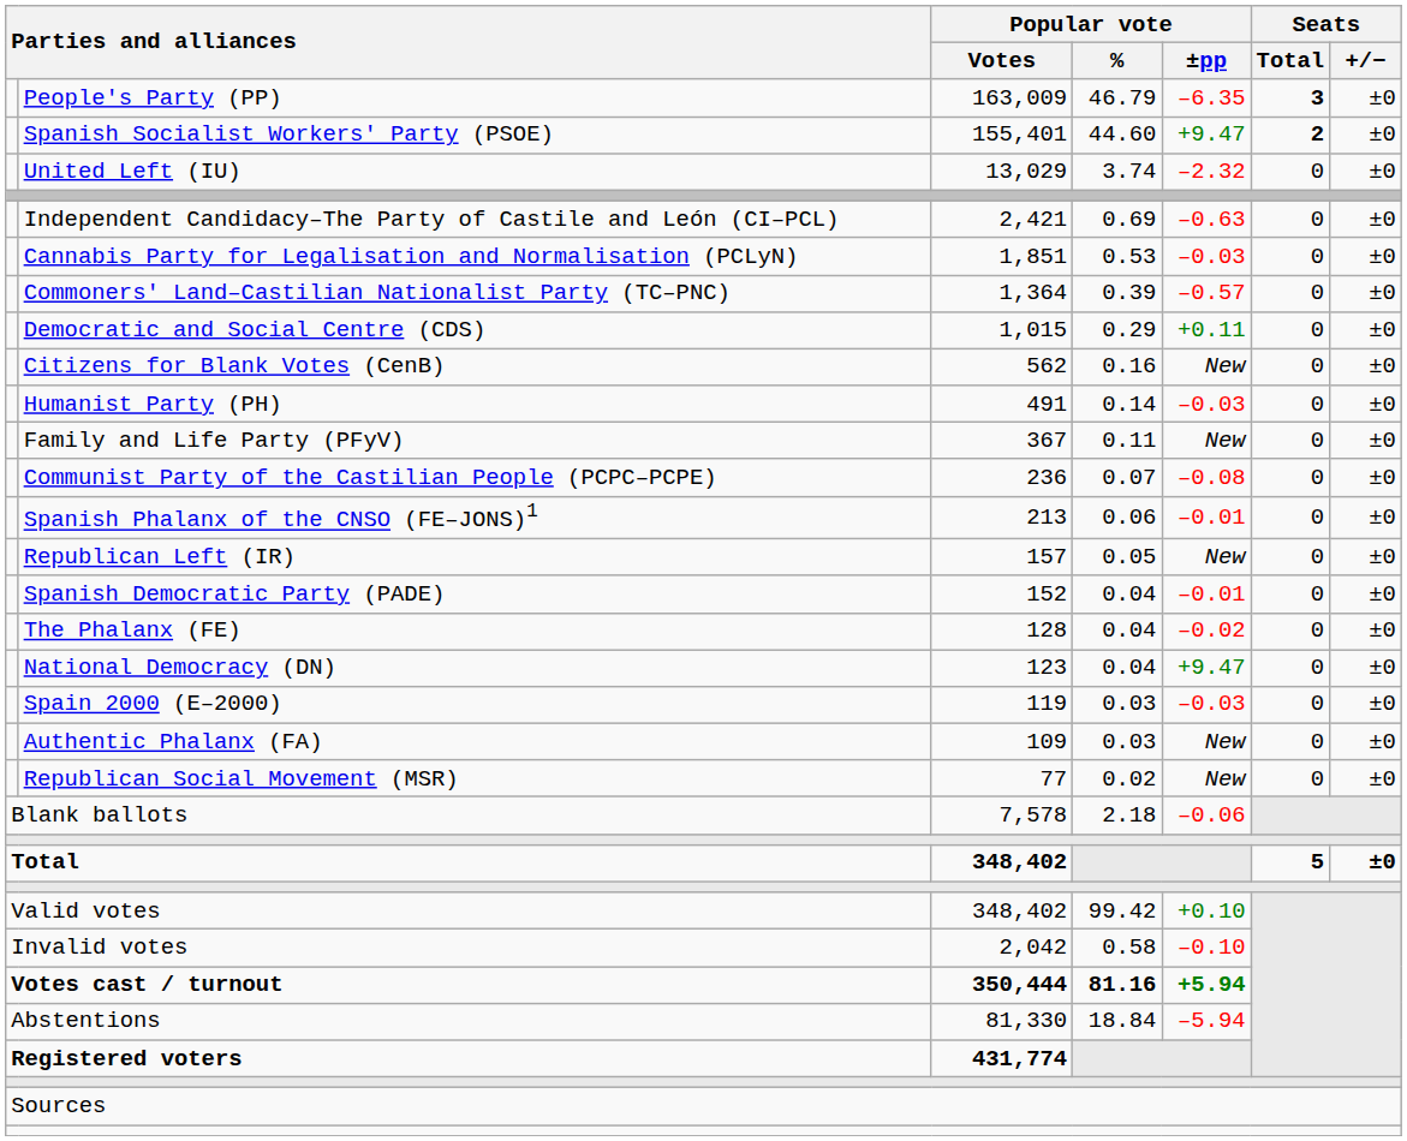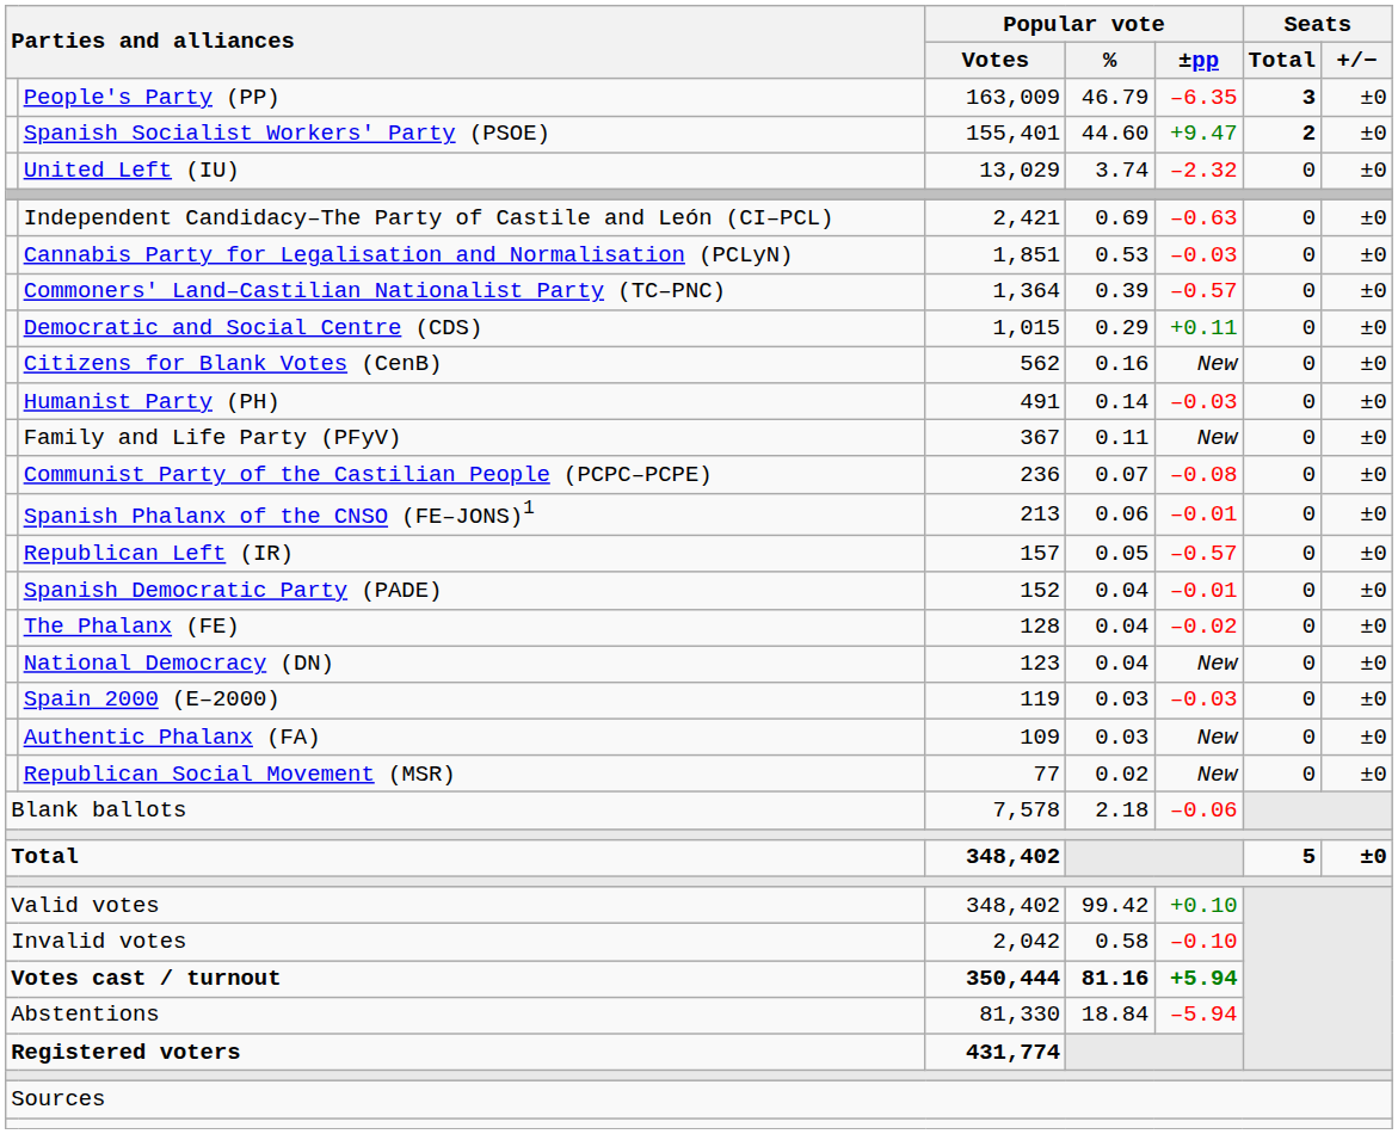 <table class="wikitable" style="text-align:right;">
 <tr>
 <th style="text-align:left;" rowspan="2" colspan="2" width="525">Parties and alliances</th>
 <th colspan="3">Popular vote</th>
 <th colspan="2">Seats</th>
 </tr>
 <tr>
 <th width="75">Votes</th>
 <th width="45">%</th>
 <th width="45">±<a href='#'>pp</a></th>
 <th width="35">Total</th>
 <th width="35">+/−</th>
 </tr>
 <tr>
 <td width="1" style="color:inherit;background:"></td>
 <td align="left"><a href='#'>People's Party</a> (PP)</td>
 <td>163,009</td>
 <td>46.79</td>
 <td style="color:red;">–6.35</td>
 <td><strong>3</strong></td>
 <td>±0</td>
 </tr>
 <tr>
 <td style="color:inherit;background:"></td>
 <td align="left"><a href='#'>Spanish Socialist Workers' Party</a> (PSOE)</td>
 <td>155,401</td>
 <td>44.60</td>
 <td style="color:green;">+9.47</td>
 <td><strong>2</strong></td>
 <td>±0</td>
 </tr>
 <tr>
 <td style="color:inherit;background:"></td>
 <td align="left"><a href='#'>United Left</a> (IU)</td>
 <td>13,029</td>
 <td>3.74</td>
 <td style="color:red;">–2.32</td>
 <td>0</td>
 <td>±0</td>
 </tr>
 <tr>
 <td colspan="7" bgcolor="#C0C0C0"></td>
 </tr>
 <tr>
 <td style="color:inherit;background:"></td>
 <td align="left">Independent Candidacy–The Party of Castile and León (CI–PCL)</td>
 <td>2,421</td>
 <td>0.69</td>
 <td style="color:red;">–0.63</td>
 <td>0</td>
 <td>±0</td>
 </tr>
 <tr>
 <td style="color:inherit;background:"></td>
 <td align="left"><a href='#'>Cannabis Party for Legalisation and Normalisation</a> (PCLyN)</td>
 <td>1,851</td>
 <td>0.53</td>
 <td style="color:red;">–0.03</td>
 <td>0</td>
 <td>±0</td>
 </tr>
 <tr>
 <td style="color:inherit;background:"></td>
 <td align="left"><a href='#'>Commoners' Land–Castilian Nationalist Party</a> (TC–PNC)</td>
 <td>1,364</td>
 <td>0.39</td>
 <td style="color:red;">–0.57</td>
 <td>0</td>
 <td>±0</td>
 </tr>
 <tr>
 <td style="color:inherit;background:"></td>
 <td align="left"><a href='#'>Democratic and Social Centre</a> (CDS)</td>
 <td>1,015</td>
 <td>0.29</td>
 <td style="color:green;">+0.11</td>
 <td>0</td>
 <td>±0</td>
 </tr>
 <tr>
 <td style="color:inherit;background:"></td>
 <td align="left"><a href='#'>Citizens for Blank Votes</a> (CenB)</td>
 <td>562</td>
 <td>0.16</td>
 <td><em>New</em></td>
 <td>0</td>
 <td>±0</td>
 </tr>
 <tr>
 <td style="color:inherit;background:"></td>
 <td align="left"><a href='#'>Humanist Party</a> (PH)</td>
 <td>491</td>
 <td>0.14</td>
 <td style="color:red;">–0.03</td>
 <td>0</td>
 <td>±0</td>
 </tr>
 <tr>
 <td style="color:inherit;background:"></td>
 <td align="left">Family and Life Party (PFyV)</td>
 <td>367</td>
 <td>0.11</td>
 <td><em>New</em></td>
 <td>0</td>
 <td>±0</td>
 </tr>
 <tr>
 <td style="color:inherit;background:"></td>
 <td align="left"><a href='#'>Communist Party of the Castilian People</a> (PCPC–PCPE)</td>
 <td>236</td>
 <td>0.07</td>
 <td style="color:red;">–0.08</td>
 <td>0</td>
 <td>±0</td>
 </tr>
 <tr>
 <td style="color:inherit;background:"></td>
 <td align="left"><a href='#'>Spanish Phalanx of the CNSO</a> (FE–JONS)<sup>1</sup></td>
 <td>213</td>
 <td>0.06</td>
 <td style="color:red;">–0.01</td>
 <td>0</td>
 <td>±0</td>
 </tr>
 <tr>
 <td style="color:inherit;background:"></td>
 <td align="left"><a href='#'>Republican Left</a> (IR)</td>
 <td>157</td>
 <td>0.05</td>
-<td><em>New</em></td>
+<td style="color:red;">–0.57</td>
 <td>0</td>
 <td>±0</td>
 </tr>
 <tr>
 <td style="color:inherit;background:"></td>
 <td align="left"><a href='#'>Spanish Democratic Party</a> (PADE)</td>
 <td>152</td>
 <td>0.04</td>
 <td style="color:red;">–0.01</td>
 <td>0</td>
 <td>±0</td>
 </tr>
 <tr>
 <td style="color:inherit;background:"></td>
 <td align="left"><a href='#'>The Phalanx</a> (FE)</td>
 <td>128</td>
 <td>0.04</td>
 <td style="color:red;">–0.02</td>
 <td>0</td>
 <td>±0</td>
 </tr>
 <tr>
 <td style="color:inherit;background:"></td>
 <td align="left"><a href='#'>National Democracy</a> (DN)</td>
 <td>123</td>
 <td>0.04</td>
-<td style="color:green;">+9.47</td>
+<td><em>New</em></td>
 <td>0</td>
 <td>±0</td>
 </tr>
 <tr>
 <td style="color:inherit;background:"></td>
 <td align="left"><a href='#'>Spain 2000</a> (E–2000)</td>
 <td>119</td>
 <td>0.03</td>
 <td style="color:red;">–0.03</td>
 <td>0</td>
 <td>±0</td>
 </tr>
 <tr>
 <td style="color:inherit;background:"></td>
 <td align="left"><a href='#'>Authentic Phalanx</a> (FA)</td>
 <td>109</td>
 <td>0.03</td>
 <td><em>New</em></td>
 <td>0</td>
 <td>±0</td>
 </tr>
 <tr>
 <td style="color:inherit;background:"></td>
 <td align="left"><a href='#'>Republican Social Movement</a> (MSR)</td>
 <td>77</td>
 <td>0.02</td>
 <td><em>New</em></td>
 <td>0</td>
 <td>±0</td>
 </tr>
 <tr>
 <td align="left" colspan="2">Blank ballots</td>
 <td>7,578</td>
 <td>2.18</td>
 <td style="color:red;">–0.06</td>
 <td bgcolor="#E9E9E9" colspan="2"></td>
 </tr>
 <tr>
 <td colspan="7" bgcolor="#E9E9E9"></td>
 </tr>
 <tr style="font-weight:bold;">
 <td align="left" colspan="2">Total</td>
 <td>348,402</td>
 <td bgcolor="#E9E9E9" colspan="2"></td>
 <td>5</td>
 <td>±0</td>
 </tr>
 <tr>
 <td colspan="7" bgcolor="#E9E9E9"></td>
 </tr>
 <tr>
 <td align="left" colspan="2">Valid votes</td>
 <td>348,402</td>
 <td>99.42</td>
 <td style="color:green;">+0.10</td>
 <td bgcolor="#E9E9E9" colspan="2" rowspan="5"></td>
 </tr>
 <tr>
 <td align="left" colspan="2">Invalid votes</td>
 <td>2,042</td>
 <td>0.58</td>
 <td style="color:red;">–0.10</td>
 </tr>
 <tr style="font-weight:bold;">
 <td align="left" colspan="2">Votes cast / turnout</td>
 <td>350,444</td>
 <td>81.16</td>
 <td style="color:green;">+5.94</td>
 </tr>
 <tr>
 <td align="left" colspan="2">Abstentions</td>
 <td>81,330</td>
 <td>18.84</td>
 <td style="color:red;">–5.94</td>
 </tr>
 <tr style="font-weight:bold;">
 <td align="left" colspan="2">Registered voters</td>
 <td>431,774</td>
 <td bgcolor="#E9E9E9" colspan="2"></td>
 </tr>
 <tr>
 <td colspan="7" bgcolor="#E9E9E9"></td>
 </tr>
 <tr>
 <td align="left" colspan="7">Sources</td>
 </tr>
 <tr>
 <td colspan="7" style="text-align:left; max-width:790px;"></td>
 </tr>
 </table>
